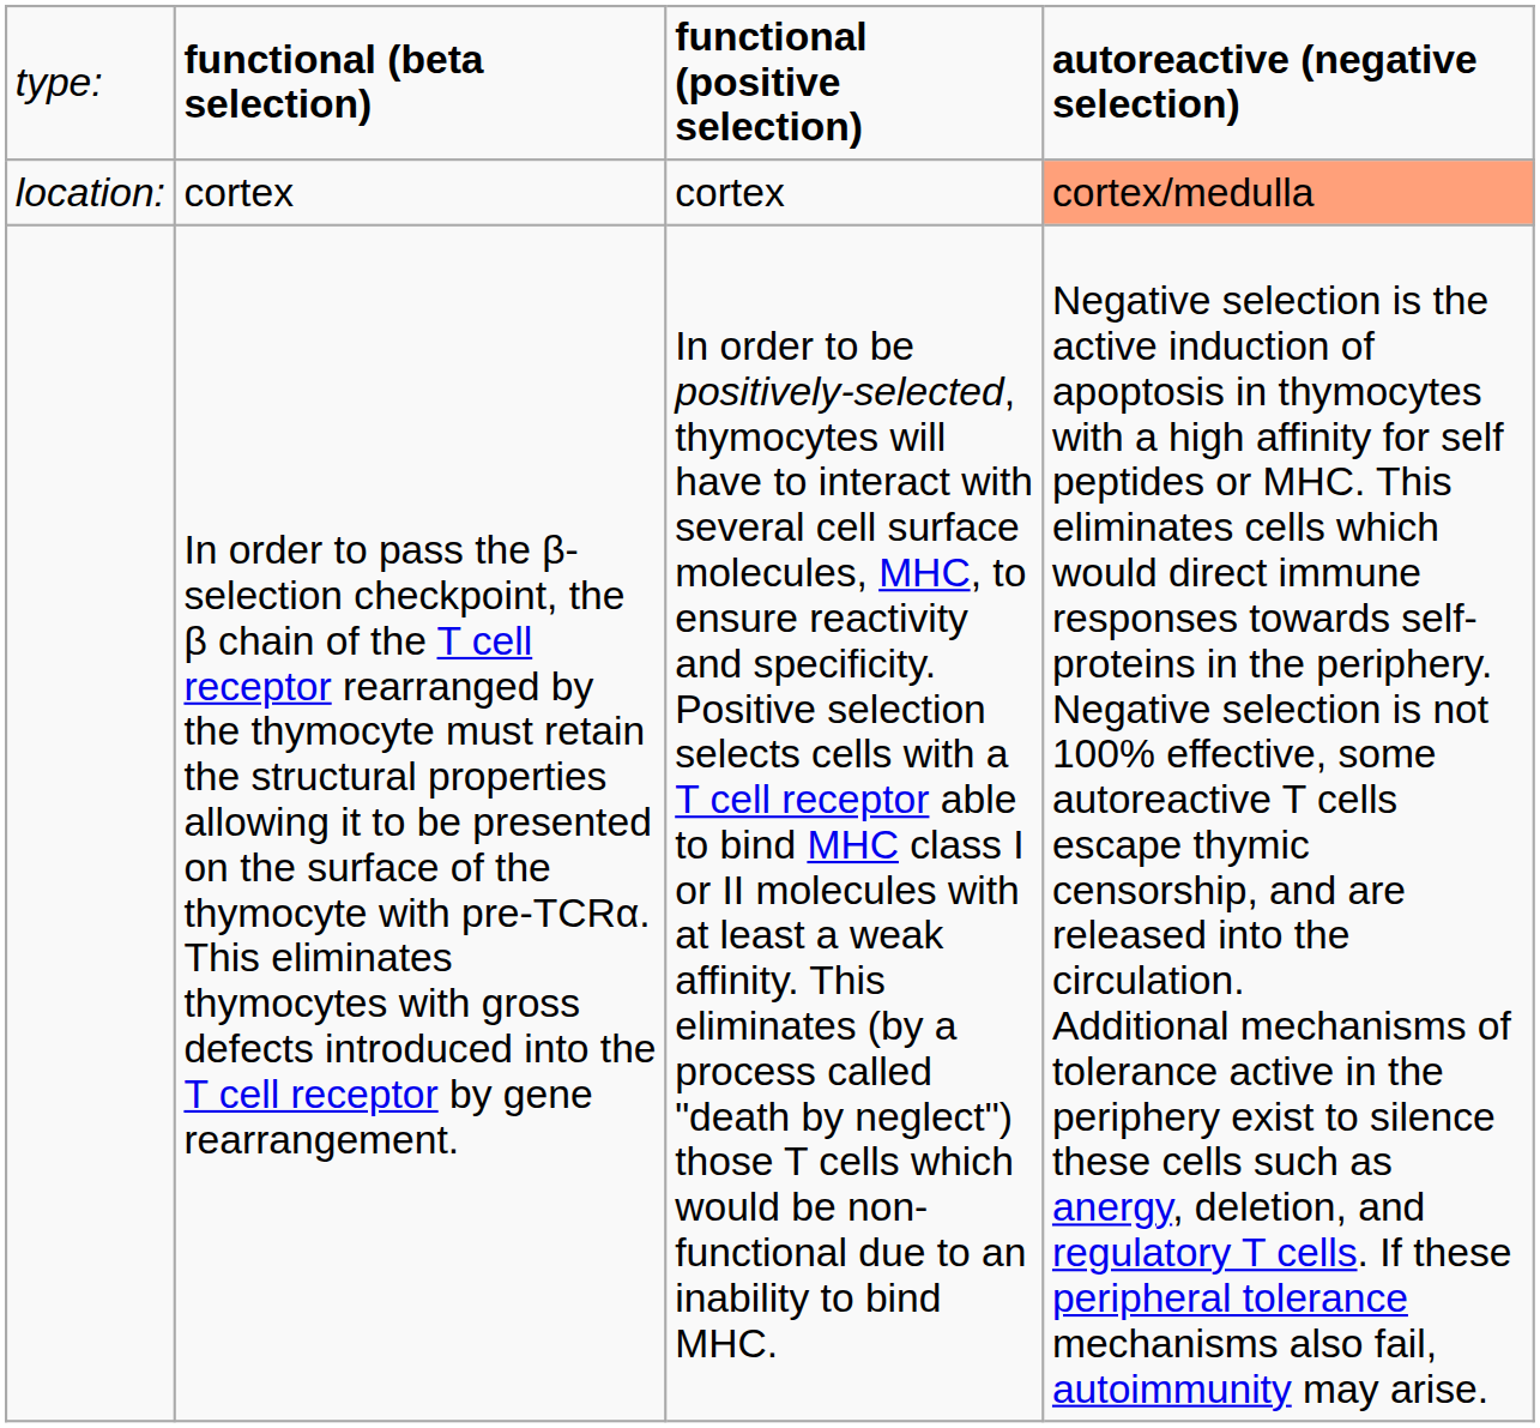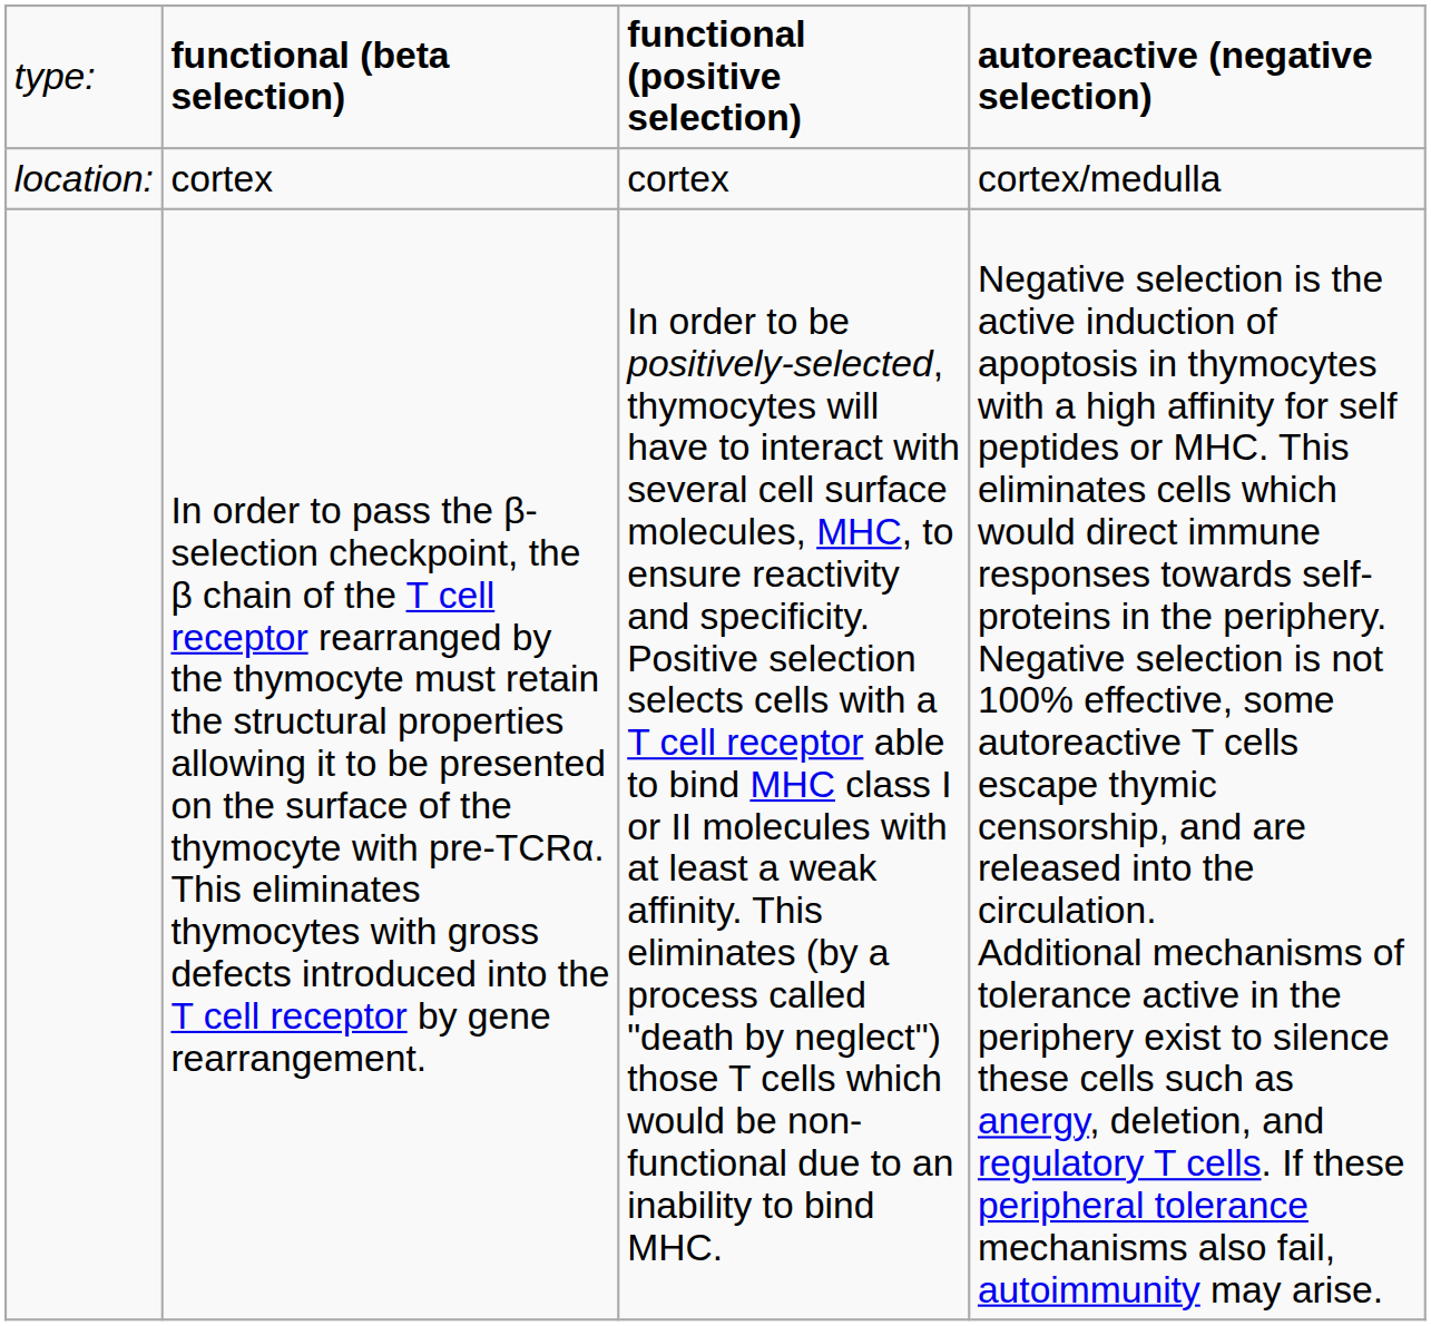 <table class="wikitable">
 <tr>
 <td><em>type:</em></td>
 <td><strong>functional (beta selection)</strong></td>
 <td><strong>functional (positive selection)</strong></td>
 <td><strong>autoreactive (negative selection)</strong></td>
 </tr>
 <tr>
 <td><em>location:</em></td>
 <td>cortex</td>
 <td>cortex</td>
-<td style="background: lightsalmon;">cortex/medulla</td>
+<td>cortex/medulla</td>
 </tr>
 <tr>
 <td></td>
 <td><br>In order to pass the β-selection checkpoint, the β chain of the <a href='#'>T cell receptor</a> rearranged by the thymocyte must retain the structural properties allowing it to be presented on the surface of the thymocyte with pre-TCRα. This eliminates thymocytes with gross defects introduced into the <a href='#'>T cell receptor</a> by gene rearrangement.</td>
 <td><br>In order to be <em>positively-selected</em>, thymocytes will have to interact with several cell surface molecules, <a href='#'>MHC</a>, to ensure reactivity and specificity.<br>Positive selection selects cells with a <a href='#'>T cell receptor</a> able to bind <a href='#'>MHC</a> class I or II molecules with at least a weak affinity. This eliminates (by a process called "death by neglect") those T cells which would be non-functional due to an inability to bind MHC.</td>
 <td><br>Negative selection is the active induction of apoptosis in thymocytes with a high affinity for self peptides or MHC. This eliminates cells which would direct immune responses towards self-proteins in the periphery. Negative selection is not 100% effective, some autoreactive T cells escape thymic censorship, and are released into the circulation.<br>Additional mechanisms of tolerance active in the periphery exist to silence these cells such as <a href='#'>anergy</a>, deletion, and <a href='#'>regulatory T cells</a>. If these <a href='#'>peripheral tolerance</a> mechanisms also fail, <a href='#'>autoimmunity</a> may arise.</td>
 </tr>
 </table>
